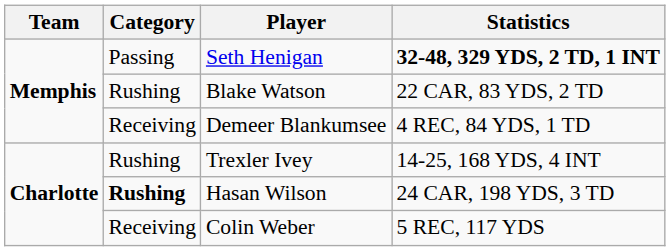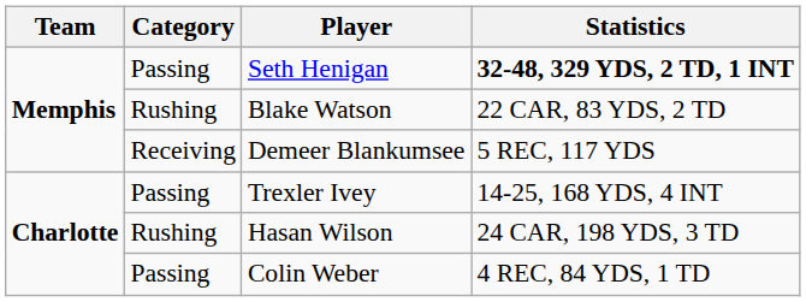 <table class="wikitable" style="float: left;">
 <tr>
 <th>Team</th>
 <th>Category</th>
 <th>Player</th>
 <th>Statistics</th>
 </tr>
 <tr>
 <td rowspan=3><strong>Memphis</strong></td>
 <td>Passing</td>
 <td><a href='#'>Seth Henigan</a></td>
 <td><strong>32-48, 329 YDS, 2 TD, 1 INT</strong></td>
 </tr>
 <tr>
 <td>Rushing</td>
 <td>Blake Watson</td>
 <td>22 CAR, 83 YDS, 2 TD</td>
 </tr>
 <tr>
 <td>Receiving</td>
 <td>Demeer Blankumsee</td>
-<td>4 REC, 84 YDS, 1 TD</td>
+<td>5 REC, 117 YDS</td>
 </tr>
 <tr>
 <td rowspan=3><strong>Charlotte</strong></td>
-<td>Rushing</td>
+<td>Passing</td>
 <td>Trexler Ivey</td>
 <td>14-25, 168 YDS, 4 INT</td>
 </tr>
 <tr>
-<td><strong>Rushing</strong></td>
+<td>Rushing</td>
 <td>Hasan Wilson</td>
 <td>24 CAR, 198 YDS, 3 TD</td>
 </tr>
 <tr>
-<td>Receiving</td>
+<td>Passing</td>
 <td>Colin Weber</td>
-<td>5 REC, 117 YDS</td>
+<td>4 REC, 84 YDS, 1 TD</td>
 </tr>
 </table>
